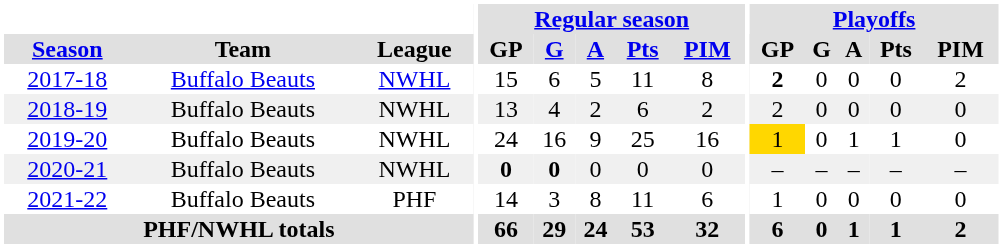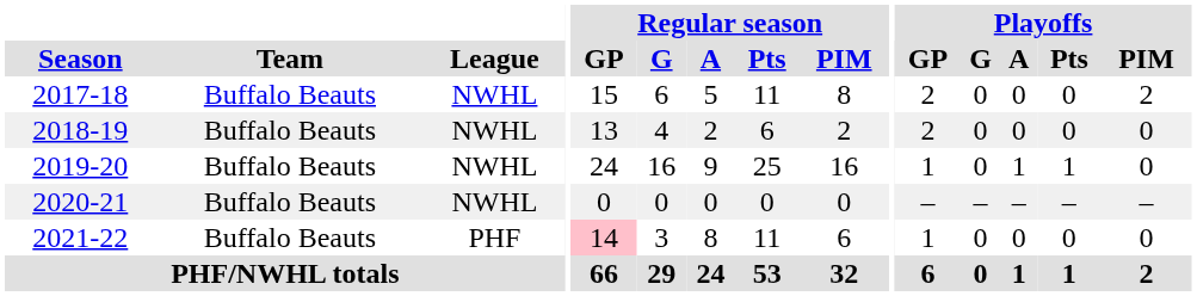 <table border="0" cellpadding="1" cellspacing="0" style="text-align:center; width:75%">
 <tr bgcolor="#e0e0e0">
 <th colspan="3" bgcolor="#ffffff"></th>
 <th rowspan="99" bgcolor="#ffffff"></th>
 <th colspan="5"><a href='#'>Regular season</a></th>
 <th rowspan="99" bgcolor="#ffffff"></th>
 <th colspan="5"><a href='#'>Playoffs</a></th>
 </tr>
 <tr bgcolor="#e0e0e0">
 <th><a href='#'>Season</a></th>
 <th>Team</th>
 <th>League</th>
 <th>GP</th>
 <th><a href='#'>G</a></th>
 <th><a href='#'>A</a></th>
 <th><a href='#'>Pts</a></th>
 <th><a href='#'>PIM</a></th>
 <th>GP</th>
 <th>G</th>
 <th>A</th>
 <th>Pts</th>
 <th>PIM</th>
 </tr>
 <tr>
 <td><a href='#'>2017-18</a></td>
 <td><a href='#'>Buffalo Beauts</a></td>
 <td><a href='#'>NWHL</a></td>
 <td>15</td>
 <td>6</td>
 <td>5</td>
 <td>11</td>
 <td>8</td>
-<td><strong>2</strong></td>
+<td>2</td>
 <td>0</td>
 <td>0</td>
 <td>0</td>
 <td>2</td>
 </tr>
 <tr bgcolor="#f0f0f0">
 <td><a href='#'>2018-19</a></td>
 <td>Buffalo Beauts</td>
 <td>NWHL</td>
 <td>13</td>
 <td>4</td>
 <td>2</td>
 <td>6</td>
 <td>2</td>
 <td>2</td>
 <td>0</td>
 <td>0</td>
 <td>0</td>
 <td>0</td>
 </tr>
 <tr>
 <td><a href='#'>2019-20</a></td>
 <td>Buffalo Beauts</td>
 <td>NWHL</td>
 <td>24</td>
 <td>16</td>
 <td>9</td>
 <td>25</td>
 <td>16</td>
-<td style="background: gold;">1</td>
+<td>1</td>
 <td>0</td>
 <td>1</td>
 <td>1</td>
 <td>0</td>
 </tr>
 <tr bgcolor="#f0f0f0">
 <td><a href='#'>2020-21</a></td>
 <td>Buffalo Beauts</td>
 <td>NWHL</td>
-<td><strong>0</strong></td>
-<td><strong>0</strong></td>
+<td>0</td>
+<td>0</td>
 <td>0</td>
 <td>0</td>
 <td>0</td>
 <td>–</td>
 <td>–</td>
 <td>–</td>
 <td>–</td>
 <td>–</td>
 </tr>
 <tr>
 <td><a href='#'>2021-22</a></td>
 <td>Buffalo Beauts</td>
 <td>PHF</td>
-<td>14</td>
+<td style="background: pink;">14</td>
 <td>3</td>
 <td>8</td>
 <td>11</td>
 <td>6</td>
 <td>1</td>
 <td>0</td>
 <td>0</td>
 <td>0</td>
 <td>0</td>
 </tr>
 <tr bgcolor="#e0e0e0">
 <th colspan="3">PHF/NWHL totals</th>
 <th>66</th>
 <th>29</th>
 <th>24</th>
 <th>53</th>
 <th>32</th>
 <th>6</th>
 <th>0</th>
 <th>1</th>
 <th>1</th>
 <th>2</th>
 </tr>
 </table>
